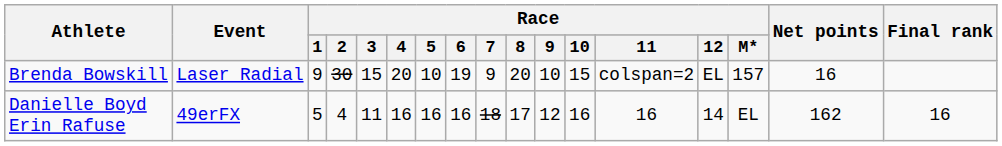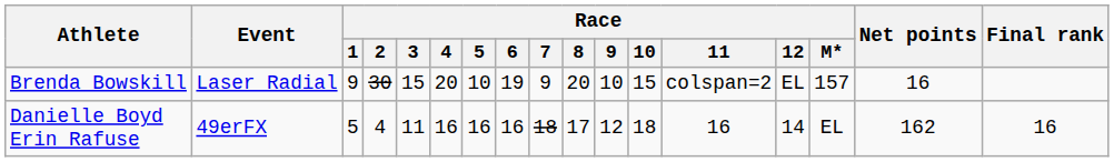 <table class="wikitable" style="font-size:90%">
 <tr>
 <th rowspan="2">Athlete</th>
 <th rowspan="2">Event</th>
 <th colspan=13>Race</th>
 <th rowspan=2>Net points</th>
 <th rowspan=2>Final rank</th>
 </tr>
 <tr style="font-size:95%">
 <th>1</th>
 <th>2</th>
 <th>3</th>
 <th>4</th>
 <th>5</th>
 <th>6</th>
 <th>7</th>
 <th>8</th>
 <th>9</th>
 <th>10</th>
 <th>11</th>
 <th>12</th>
 <th>M*</th>
 </tr>
 <tr align=center>
 <td align=left><a href='#'>Brenda Bowskill</a></td>
 <td align=left><a href='#'>Laser Radial</a></td>
 <td>9</td>
 <td><s>30</s></td>
 <td>15</td>
 <td>20</td>
 <td>10</td>
 <td>19</td>
 <td>9</td>
 <td>20</td>
 <td>10</td>
 <td>15</td>
 <td>colspan=2 </td>
 <td>EL</td>
 <td>157</td>
 <td>16</td>
 </tr>
 <tr align=center>
 <td align=left><a href='#'>Danielle Boyd</a><br><a href='#'>Erin Rafuse</a></td>
 <td align=left><a href='#'>49erFX</a></td>
 <td>5</td>
 <td>4</td>
 <td>11</td>
 <td>16</td>
 <td>16</td>
 <td>16</td>
 <td><s>18</s></td>
 <td>17</td>
 <td>12</td>
-<td>16</td>
+<td>18</td>
 <td>16</td>
 <td>14</td>
 <td>EL</td>
 <td>162</td>
 <td>16</td>
 </tr>
 </table>
